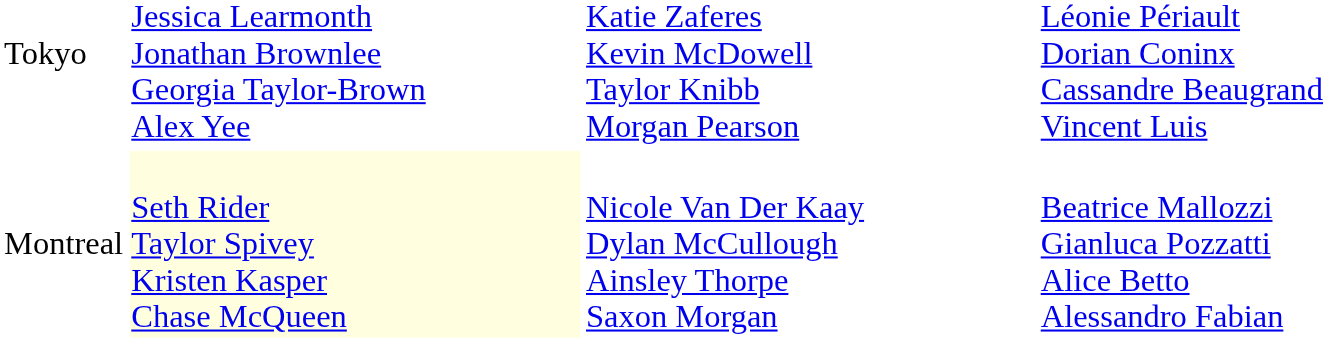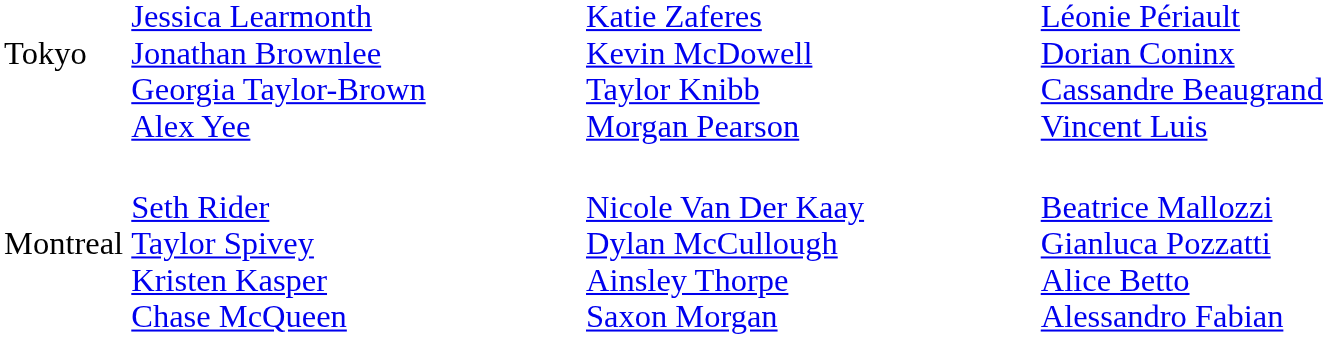 <table>
 <tr>
 <td>Tokyo</td>
 <td width=220><br><a href='#'>Jessica Learmonth</a><br><a href='#'>Jonathan Brownlee</a><br><a href='#'>Georgia Taylor-Brown</a><br><a href='#'>Alex Yee</a></td>
 <td width=220><br><a href='#'>Katie Zaferes</a><br><a href='#'>Kevin McDowell</a><br><a href='#'>Taylor Knibb</a><br><a href='#'>Morgan Pearson</a></td>
 <td width=220><br><a href='#'>Léonie Périault</a><br><a href='#'>Dorian Coninx</a><br><a href='#'>Cassandre Beaugrand</a><br><a href='#'>Vincent Luis</a></td>
 </tr>
 <tr>
 <td>Montreal</td>
-<td width=220 style="background: lightyellow;"><br><a href='#'>Seth Rider</a><br><a href='#'>Taylor Spivey</a><br><a href='#'>Kristen Kasper</a><br><a href='#'>Chase McQueen</a></td>
+<td width=220><br><a href='#'>Seth Rider</a><br><a href='#'>Taylor Spivey</a><br><a href='#'>Kristen Kasper</a><br><a href='#'>Chase McQueen</a></td>
 <td width=220><br><a href='#'>Nicole Van Der Kaay</a><br><a href='#'>Dylan McCullough</a><br><a href='#'>Ainsley Thorpe</a><br><a href='#'>Saxon Morgan</a></td>
 <td width=220><br><a href='#'>Beatrice Mallozzi</a><br><a href='#'>Gianluca Pozzatti</a><br><a href='#'>Alice Betto</a><br><a href='#'>Alessandro Fabian</a></td>
 </tr>
 <tr>
 </tr>
 </table>
